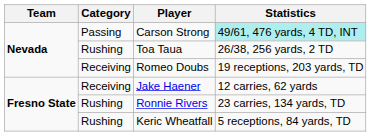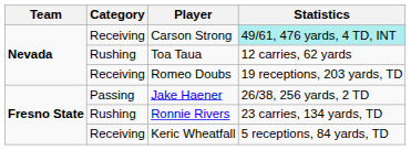 <table class="wikitable" style="float: left;">
 <tr>
 <th>Team</th>
 <th>Category</th>
 <th>Player</th>
 <th>Statistics</th>
 </tr>
 <tr>
 <td rowspan=3><strong>Nevada</strong></td>
-<td>Passing</td>
+<td>Receiving</td>
 <td>Carson Strong</td>
 <td style="background: paleturquoise;">49/61, 476 yards, 4 TD, INT</td>
 </tr>
 <tr>
 <td>Rushing</td>
 <td>Toa Taua</td>
-<td>26/38, 256 yards, 2 TD</td>
+<td>12 carries, 62 yards</td>
 </tr>
 <tr>
 <td>Receiving</td>
 <td>Romeo Doubs</td>
 <td>19 receptions, 203 yards, TD</td>
 </tr>
 <tr>
 <td rowspan=3><strong>Fresno State</strong></td>
-<td>Receiving</td>
+<td>Passing</td>
 <td><a href='#'>Jake Haener</a></td>
-<td>12 carries, 62 yards</td>
+<td>26/38, 256 yards, 2 TD</td>
 </tr>
 <tr>
 <td>Rushing</td>
 <td><a href='#'>Ronnie Rivers</a></td>
 <td>23 carries, 134 yards, TD</td>
 </tr>
 <tr>
-<td>Rushing</td>
+<td>Receiving</td>
 <td>Keric Wheatfall</td>
 <td>5 receptions, 84 yards, TD</td>
 </tr>
 </table>
